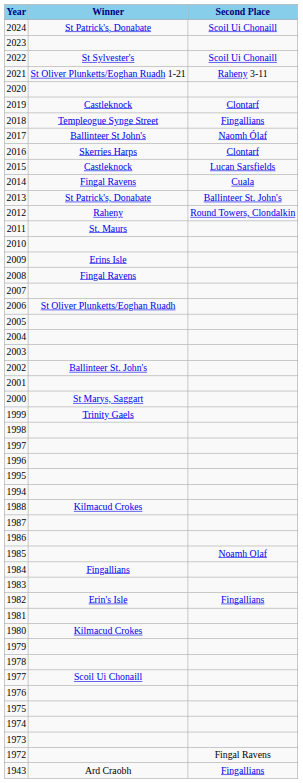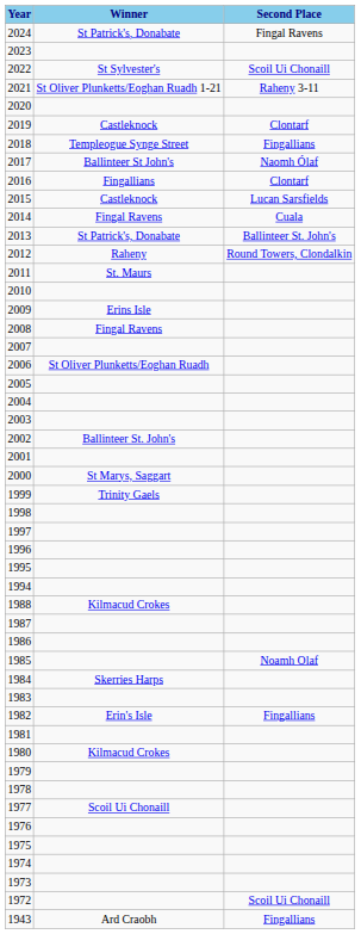 <table class="wikitable" style="text-align:center;">
 <tr>
 <th style="background:skyblue;color:navy;">Year</th>
 <th style="background:skyblue;color:navy;">Winner</th>
 <th style="background:skyblue;color:navy;">Second Place</th>
 </tr>
 <tr>
 <td>2024</td>
 <td><a href='#'>St Patrick's, Donabate</a></td>
-<td><a href='#'>Scoil Ui Chonaill</a></td>
+<td>Fingal Ravens</td>
 </tr>
 <tr>
 <td>2023</td>
 <td></td>
 <td></td>
 </tr>
 <tr>
 <td>2022</td>
 <td><a href='#'>St Sylvester's</a></td>
 <td><a href='#'>Scoil Ui Chonaill</a></td>
 </tr>
 <tr>
 <td>2021</td>
 <td><a href='#'>St Oliver Plunketts/Eoghan Ruadh</a> 1-21</td>
 <td><a href='#'>Raheny</a> 3-11</td>
 </tr>
 <tr>
 <td>2020</td>
 <td></td>
 <td></td>
 </tr>
 <tr>
 <td>2019</td>
 <td><a href='#'>Castleknock</a></td>
 <td><a href='#'>Clontarf</a></td>
 </tr>
 <tr>
 <td>2018</td>
 <td><a href='#'>Templeogue Synge Street</a></td>
 <td><a href='#'>Fingallians</a></td>
 </tr>
 <tr>
 <td>2017</td>
 <td><a href='#'>Ballinteer St John's</a></td>
 <td><a href='#'>Naomh Ólaf</a></td>
 </tr>
 <tr>
 <td>2016</td>
-<td><a href='#'>Skerries Harps</a></td>
+<td><a href='#'>Fingallians</a></td>
 <td><a href='#'>Clontarf</a></td>
 </tr>
 <tr>
 <td>2015</td>
 <td><a href='#'>Castleknock</a></td>
 <td><a href='#'>Lucan Sarsfields</a></td>
 </tr>
 <tr>
 <td>2014</td>
 <td><a href='#'>Fingal Ravens</a></td>
 <td><a href='#'>Cuala</a></td>
 </tr>
 <tr>
 <td>2013</td>
 <td><a href='#'>St Patrick's, Donabate</a></td>
 <td><a href='#'>Ballinteer St. John's</a></td>
 </tr>
 <tr>
 <td>2012</td>
 <td><a href='#'>Raheny</a></td>
 <td><a href='#'>Round Towers, Clondalkin</a></td>
 </tr>
 <tr>
 <td>2011</td>
 <td><a href='#'>St. Maurs</a></td>
 <td></td>
 </tr>
 <tr>
 <td>2010</td>
 <td></td>
 <td></td>
 </tr>
 <tr>
 <td>2009</td>
 <td><a href='#'>Erins Isle</a></td>
 <td></td>
 </tr>
 <tr>
 <td>2008</td>
 <td><a href='#'>Fingal Ravens</a></td>
 <td></td>
 </tr>
 <tr>
 <td>2007</td>
 <td></td>
 <td></td>
 </tr>
 <tr>
 <td>2006</td>
 <td><a href='#'>St Oliver Plunketts/Eoghan Ruadh</a></td>
 <td></td>
 </tr>
 <tr>
 <td>2005</td>
 <td></td>
 <td></td>
 </tr>
 <tr>
 <td>2004</td>
 <td></td>
 <td></td>
 </tr>
 <tr>
 <td>2003</td>
 <td></td>
 <td></td>
 </tr>
 <tr>
 <td>2002</td>
 <td><a href='#'>Ballinteer St. John's</a></td>
 <td></td>
 </tr>
 <tr>
 <td>2001</td>
 <td></td>
 <td></td>
 </tr>
 <tr>
 <td>2000</td>
 <td><a href='#'>St Marys, Saggart</a></td>
 <td></td>
 </tr>
 <tr>
 <td>1999</td>
 <td><a href='#'>Trinity Gaels</a></td>
 <td></td>
 </tr>
 <tr>
 <td>1998</td>
 <td></td>
 <td></td>
 </tr>
 <tr>
 <td>1997</td>
 <td></td>
 <td></td>
 </tr>
 <tr>
 <td>1996</td>
 <td></td>
 <td></td>
 </tr>
 <tr>
 <td>1995</td>
 <td></td>
 <td></td>
 </tr>
 <tr>
 <td>1994</td>
 <td></td>
 <td></td>
 </tr>
 <tr>
 <td>1988</td>
 <td><a href='#'>Kilmacud Crokes</a></td>
 <td></td>
 </tr>
 <tr>
 <td>1987</td>
 <td></td>
 <td></td>
 </tr>
 <tr>
 <td>1986</td>
 <td></td>
 <td></td>
 </tr>
 <tr>
 <td>1985</td>
 <td></td>
 <td><a href='#'>Noamh Olaf</a></td>
 </tr>
 <tr>
 <td>1984</td>
-<td><a href='#'>Fingallians</a></td>
+<td><a href='#'>Skerries Harps</a></td>
 <td></td>
 </tr>
 <tr>
 <td>1983</td>
 <td></td>
 <td></td>
 </tr>
 <tr>
 <td>1982</td>
 <td><a href='#'>Erin's Isle</a></td>
 <td><a href='#'>Fingallians</a></td>
 </tr>
 <tr>
 <td>1981</td>
 <td></td>
 <td></td>
 </tr>
 <tr>
 <td>1980</td>
 <td><a href='#'>Kilmacud Crokes</a></td>
 <td></td>
 </tr>
 <tr>
 <td>1979</td>
 <td></td>
 <td></td>
 </tr>
 <tr>
 <td>1978</td>
 <td></td>
 <td></td>
 </tr>
 <tr>
 <td>1977</td>
 <td><a href='#'>Scoil Ui Chonaill</a></td>
 <td></td>
 </tr>
 <tr>
 <td>1976</td>
 <td></td>
 <td></td>
 </tr>
 <tr>
 <td>1975</td>
 <td></td>
 <td></td>
 </tr>
 <tr>
 <td>1974</td>
 <td></td>
 <td></td>
 </tr>
 <tr>
 <td>1973</td>
 <td></td>
 <td></td>
 </tr>
 <tr>
 <td>1972</td>
 <td></td>
-<td>Fingal Ravens</td>
+<td><a href='#'>Scoil Ui Chonaill</a></td>
 </tr>
 <tr>
 <td>1943</td>
 <td>Ard Craobh</td>
 <td><a href='#'>Fingallians</a></td>
 </tr>
 </table>
